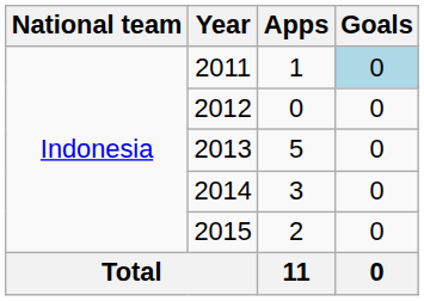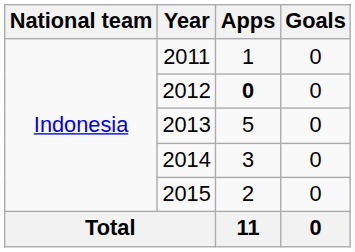 <table class="wikitable" style="text-align:center">
 <tr>
 <th>National team</th>
 <th>Year</th>
 <th>Apps</th>
 <th>Goals</th>
 </tr>
 <tr>
 <td rowspan=5><a href='#'>Indonesia</a></td>
 <td>2011</td>
 <td>1</td>
-<td style="background: lightblue;">0</td>
+<td>0</td>
 </tr>
 <tr>
 <td>2012</td>
-<td>0</td>
+<td><strong>0</strong></td>
 <td>0</td>
 </tr>
 <tr>
 <td>2013</td>
 <td>5</td>
 <td>0</td>
 </tr>
 <tr>
 <td>2014</td>
 <td>3</td>
 <td>0</td>
 </tr>
 <tr>
 <td>2015</td>
 <td>2</td>
 <td>0</td>
 </tr>
 <tr>
 <th colspan=2>Total</th>
 <th>11</th>
 <th>0</th>
 </tr>
 </table>
